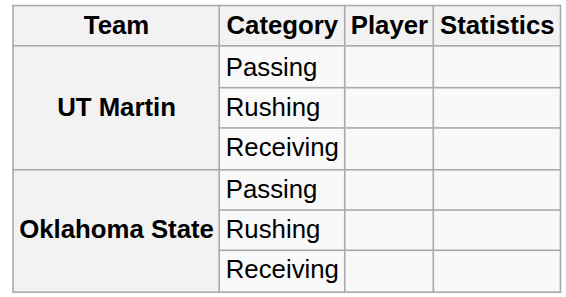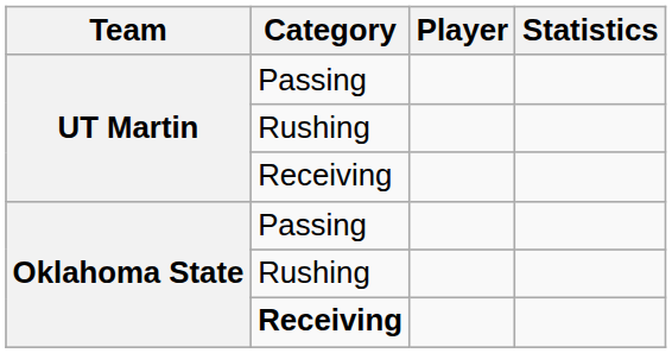 <table class="wikitable" style="float:right">
 <tr>
 <th>Team</th>
 <th>Category</th>
 <th>Player</th>
 <th>Statistics</th>
 </tr>
 <tr>
 <th rowspan=3>UT Martin</th>
 <td>Passing</td>
 <td></td>
 <td></td>
 </tr>
 <tr>
 <td>Rushing</td>
 <td></td>
 <td></td>
 </tr>
 <tr>
 <td>Receiving</td>
 <td></td>
 <td></td>
 </tr>
 <tr>
 <th rowspan=3>Oklahoma State</th>
 <td>Passing</td>
 <td></td>
 <td></td>
 </tr>
 <tr>
 <td>Rushing</td>
 <td></td>
 <td></td>
 </tr>
 <tr>
-<td>Receiving</td>
+<td><strong>Receiving</strong></td>
 <td></td>
 <td></td>
 </tr>
 </table>
